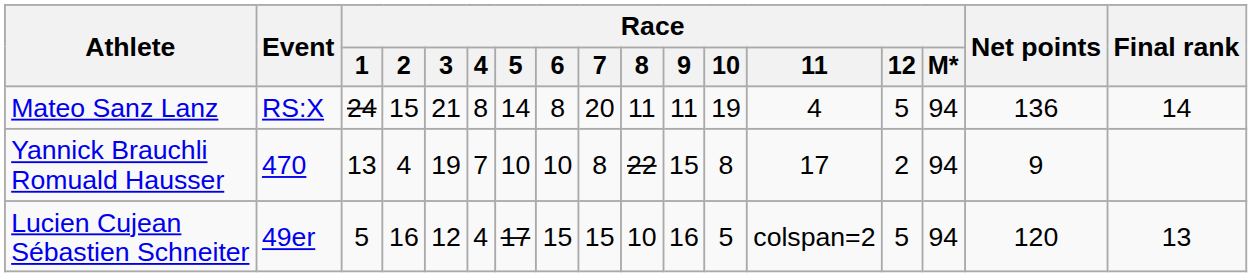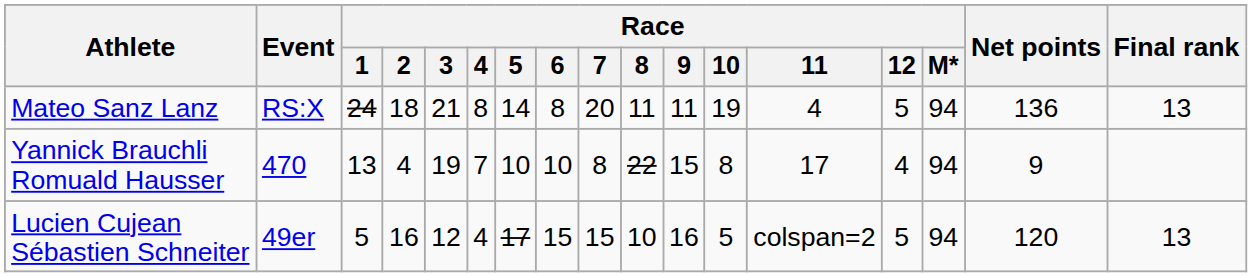 <table class="wikitable" style="font-size:90%">
 <tr>
 <th rowspan="2">Athlete</th>
 <th rowspan="2">Event</th>
 <th colspan=13>Race</th>
 <th rowspan=2>Net points</th>
 <th rowspan=2>Final rank</th>
 </tr>
 <tr style="font-size:95%">
 <th>1</th>
 <th>2</th>
 <th>3</th>
 <th>4</th>
 <th>5</th>
 <th>6</th>
 <th>7</th>
 <th>8</th>
 <th>9</th>
 <th>10</th>
 <th>11</th>
 <th>12</th>
 <th>M*</th>
 </tr>
 <tr align=center>
 <td align=left><a href='#'>Mateo Sanz Lanz</a></td>
 <td align=left><a href='#'>RS:X</a></td>
 <td><s>24</s></td>
-<td>15</td>
+<td>18</td>
 <td>21</td>
 <td>8</td>
 <td>14</td>
 <td>8</td>
 <td>20</td>
 <td>11</td>
 <td>11</td>
 <td>19</td>
 <td>4</td>
 <td>5</td>
 <td>94</td>
 <td>136</td>
-<td>14</td>
+<td>13</td>
 </tr>
 <tr align=center>
 <td align=left><a href='#'>Yannick Brauchli</a><br><a href='#'>Romuald Hausser</a></td>
 <td align=left><a href='#'>470</a></td>
 <td>13</td>
 <td>4</td>
 <td>19</td>
 <td>7</td>
 <td>10</td>
 <td>10</td>
 <td>8</td>
 <td><s>22</s></td>
 <td>15</td>
 <td>8</td>
 <td>17</td>
-<td>2</td>
+<td>4</td>
 <td>94</td>
 <td>9</td>
 </tr>
 <tr align=center>
 <td align=left><a href='#'>Lucien Cujean</a><br><a href='#'>Sébastien Schneiter</a></td>
 <td align=left><a href='#'>49er</a></td>
 <td>5</td>
 <td>16</td>
 <td>12</td>
 <td>4</td>
 <td><s>17</s></td>
 <td>15</td>
 <td>15</td>
 <td>10</td>
 <td>16</td>
 <td>5</td>
 <td>colspan=2 </td>
 <td>5</td>
 <td>94</td>
 <td>120</td>
 <td>13</td>
 </tr>
 </table>
